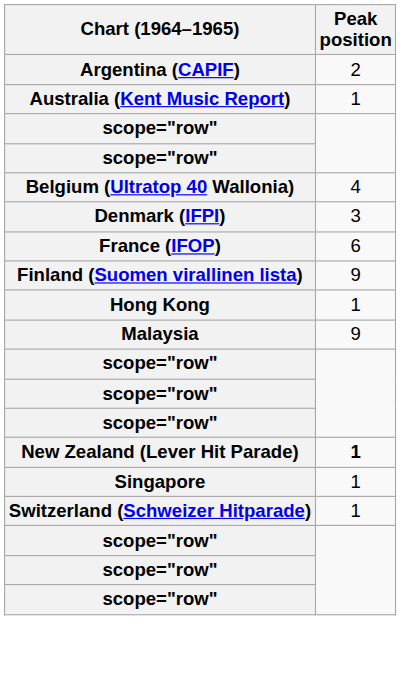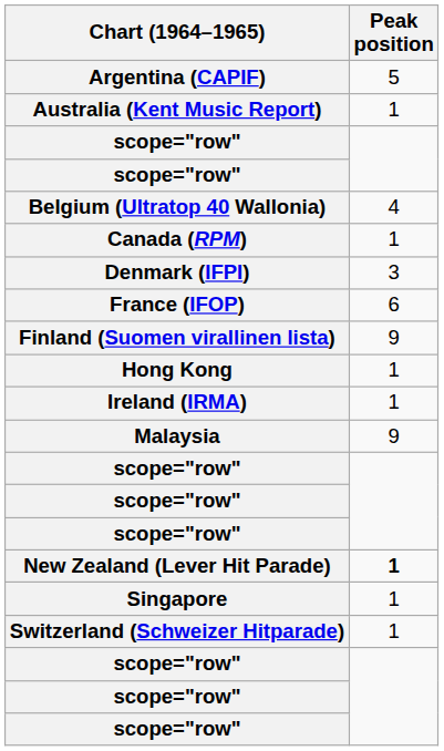 <table class="wikitable sortable plainrowheaders" style="text-align:center">
 <tr>
 <th scope="col">Chart (1964–1965)</th>
 <th scope="col">Peak<br>position</th>
 </tr>
 <tr>
 <th scope="row">Argentina (<a href='#'>CAPIF</a>)</th>
-<td>2</td>
+<td>5</td>
 </tr>
 <tr>
 <th scope="row">Australia (<a href='#'>Kent Music Report</a>)</th>
 <td>1</td>
 </tr>
 <tr>
 <th>scope="row" </th>
 </tr>
 <tr>
 <th>scope="row" </th>
 </tr>
 <tr>
 <th scope="row">Belgium (<a href='#'>Ultratop 40</a> Wallonia)</th>
 <td>4</td>
 </tr>
 <tr>
+<th scope="row">Canada (<a href='#'><em>RPM</em></a>)</th>
+<td>1</td>
+</tr>
+<tr>
 <th scope="row">Denmark (<a href='#'>IFPI</a>)</th>
 <td>3</td>
 </tr>
 <tr>
 <th scope="row">France (<a href='#'>IFOP</a>)</th>
 <td>6</td>
 </tr>
 <tr>
 <th scope="row">Finland (<a href='#'>Suomen virallinen lista</a>)</th>
 <td>9</td>
 </tr>
 <tr>
 <th scope="row">Hong Kong</th>
+<td>1</td>
+</tr>
+<tr>
+<th scope="row">Ireland (<a href='#'>IRMA</a>)</th>
 <td>1</td>
 </tr>
 <tr>
 <th scope="row">Malaysia</th>
 <td>9</td>
 </tr>
 <tr>
 <th>scope="row" </th>
 </tr>
 <tr>
 <th>scope="row" </th>
 </tr>
 <tr>
 <th>scope="row" </th>
 </tr>
 <tr>
 <th scope="row">New Zealand (Lever Hit Parade)</th>
 <td><strong>1</strong></td>
 </tr>
 <tr>
 <th scope="row">Singapore</th>
 <td>1</td>
 </tr>
 <tr>
 <th scope="row">Switzerland (<a href='#'>Schweizer Hitparade</a>)</th>
 <td>1</td>
 </tr>
 <tr>
 <th>scope="row" </th>
 </tr>
 <tr>
 <th>scope="row" </th>
 </tr>
 <tr>
 <th>scope="row" </th>
 </tr>
 </table>
